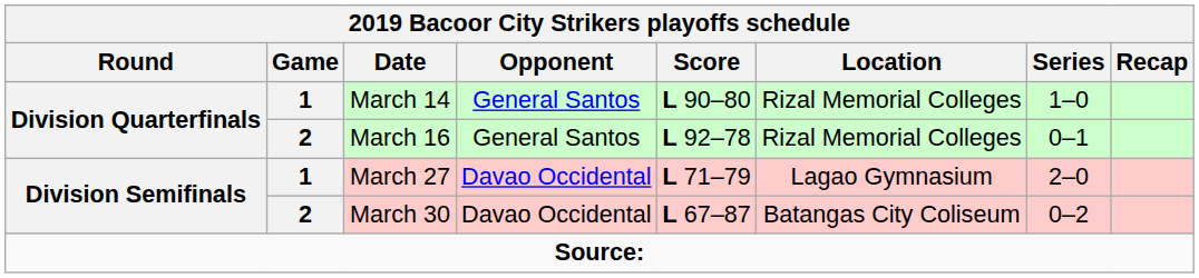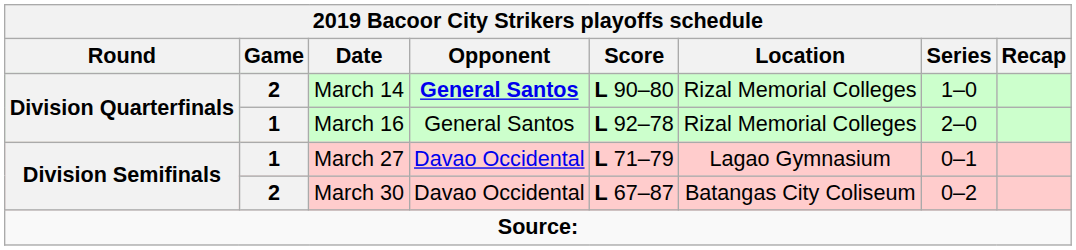 <table class="wikitable" style="text-align:center">
 <tr>
 <th colspan=8>2019 Bacoor City Strikers playoffs schedule</th>
 </tr>
 <tr>
 <th>Round</th>
 <th>Game</th>
 <th>Date</th>
 <th>Opponent</th>
 <th>Score</th>
 <th>Location</th>
 <th>Series</th>
 <th>Recap<br></th>
 </tr>
 <tr style="background:#cfc">
 <th rowspan=2>Division Quarterfinals</th>
-<th>1</th>
+<th>2</th>
 <td>March 14</td>
-<td><a href='#'>General Santos</a></td>
+<td><strong><a href='#'>General Santos</a></strong></td>
 <td><strong>L</strong> 90–80</td>
 <td>Rizal Memorial Colleges</td>
 <td>1–0</td>
 <td></td>
 </tr>
 <tr style="background:#cfc">
-<th>2</th>
+<th>1</th>
 <td>March 16</td>
 <td>General Santos</td>
 <td><strong>L</strong> 92–78</td>
 <td>Rizal Memorial Colleges</td>
-<td>0–1</td>
+<td>2–0</td>
 <td><br></td>
 </tr>
 <tr style="background:#fcc">
 <th rowspan=2>Division Semifinals</th>
 <th>1</th>
 <td>March 27</td>
 <td><a href='#'>Davao Occidental</a></td>
 <td><strong>L</strong> 71–79</td>
 <td>Lagao Gymnasium</td>
-<td>2–0</td>
+<td>0–1</td>
 <td></td>
 </tr>
 <tr style="background:#fcc">
 <th>2</th>
 <td>March 30</td>
 <td>Davao Occidental</td>
 <td><strong>L</strong> 67–87</td>
 <td>Batangas City Coliseum</td>
 <td>0–2</td>
 <td></td>
 </tr>
 <tr>
 <td colspan=8 align=center><strong>Source: </strong></td>
 </tr>
 </table>
